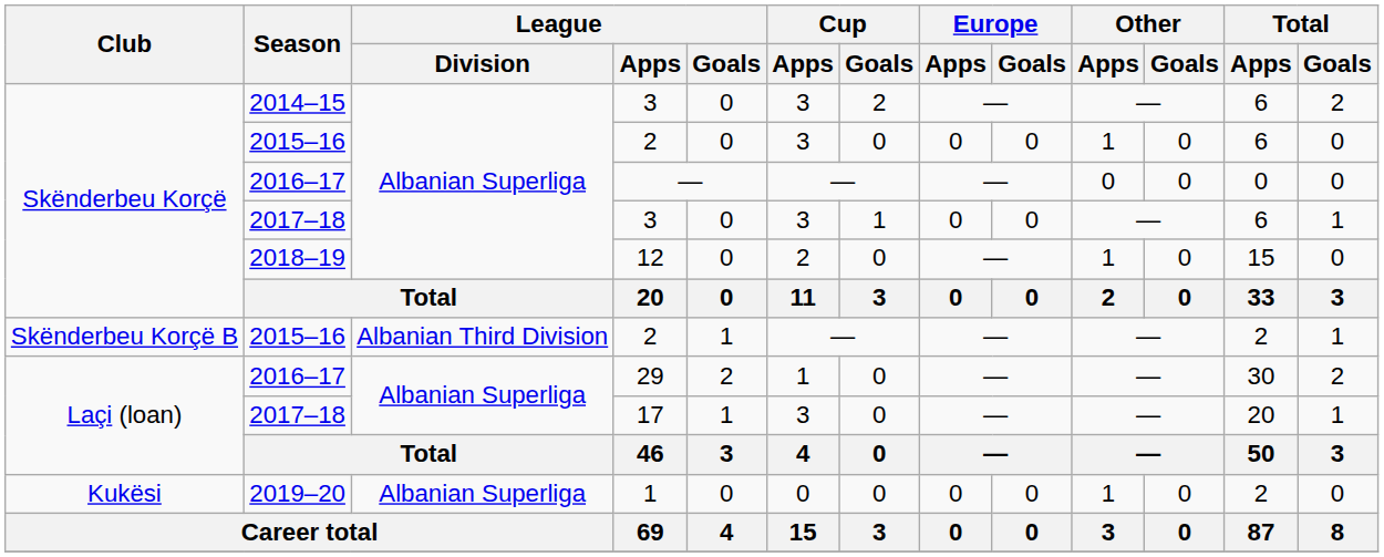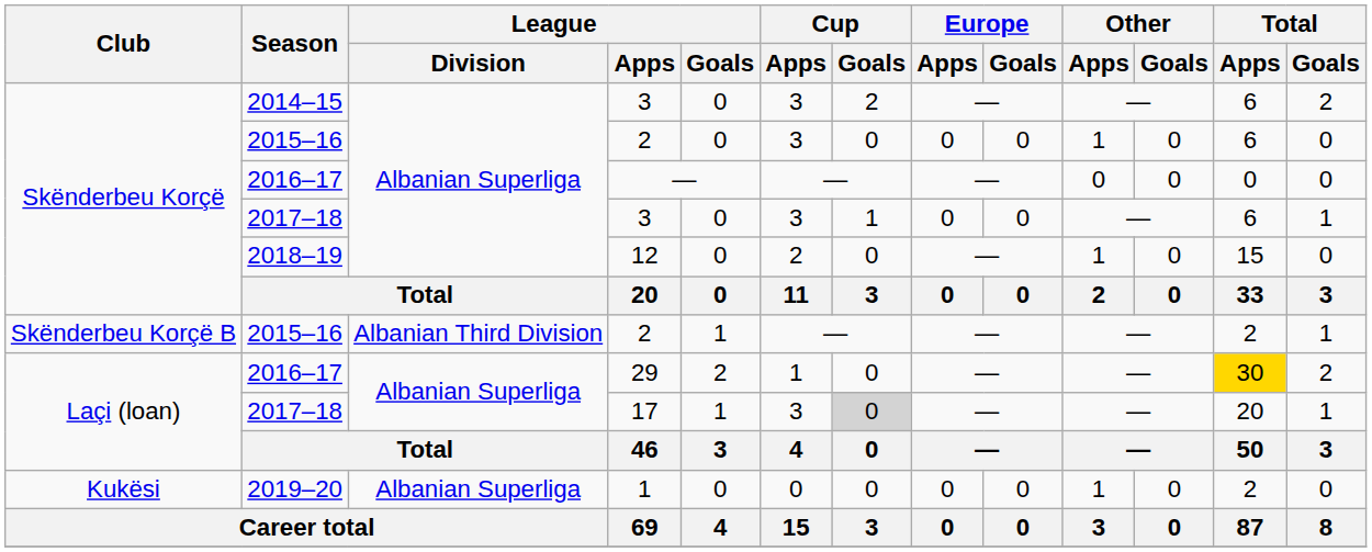 <table class="wikitable" style="text-align:center">
 <tr>
 <th rowspan="2">Club</th>
 <th rowspan="2">Season</th>
 <th colspan="3">League</th>
 <th colspan="2">Cup</th>
 <th colspan="2"><a href='#'>Europe</a></th>
 <th colspan="2">Other</th>
 <th colspan="2">Total</th>
 </tr>
 <tr>
 <th>Division</th>
 <th>Apps</th>
 <th>Goals</th>
 <th>Apps</th>
 <th>Goals</th>
 <th>Apps</th>
 <th>Goals</th>
 <th>Apps</th>
 <th>Goals</th>
 <th>Apps</th>
 <th>Goals</th>
 </tr>
 <tr>
 <td rowspan="6"><a href='#'>Skënderbeu Korçë</a></td>
 <td><a href='#'>2014–15</a></td>
 <td rowspan="5"><a href='#'>Albanian Superliga</a></td>
 <td>3</td>
 <td>0</td>
 <td>3</td>
 <td>2</td>
 <td colspan="2">—</td>
 <td colspan="2">—</td>
 <td>6</td>
 <td>2</td>
 </tr>
 <tr>
 <td><a href='#'>2015–16</a></td>
 <td>2</td>
 <td>0</td>
 <td>3</td>
 <td>0</td>
 <td>0</td>
 <td>0</td>
 <td>1</td>
 <td>0</td>
 <td>6</td>
 <td>0</td>
 </tr>
 <tr>
 <td><a href='#'>2016–17</a></td>
 <td colspan="2">—</td>
 <td colspan="2">—</td>
 <td colspan="2">—</td>
 <td>0</td>
 <td>0</td>
 <td>0</td>
 <td>0</td>
 </tr>
 <tr>
 <td><a href='#'>2017–18</a></td>
 <td>3</td>
 <td>0</td>
 <td>3</td>
 <td>1</td>
 <td>0</td>
 <td>0</td>
 <td colspan="2">—</td>
 <td>6</td>
 <td>1</td>
 </tr>
 <tr>
 <td><a href='#'>2018–19</a></td>
 <td>12</td>
 <td>0</td>
 <td>2</td>
 <td>0</td>
 <td colspan="2">—</td>
 <td>1</td>
 <td>0</td>
 <td>15</td>
 <td>0</td>
 </tr>
 <tr>
 <th colspan="2">Total</th>
 <th>20</th>
 <th>0</th>
 <th>11</th>
 <th>3</th>
 <th>0</th>
 <th>0</th>
 <th>2</th>
 <th>0</th>
 <th>33</th>
 <th>3</th>
 </tr>
 <tr>
 <td rowspan="1"><a href='#'>Skënderbeu Korçë B</a></td>
 <td><a href='#'>2015–16</a></td>
 <td rowspan="1"><a href='#'>Albanian Third Division</a></td>
 <td>2</td>
 <td>1</td>
 <td colspan="2">—</td>
 <td colspan="2">—</td>
 <td colspan="2">—</td>
 <td>2</td>
 <td>1</td>
 </tr>
 <tr>
 <td rowspan="3"><a href='#'>Laçi</a> (loan)</td>
 <td><a href='#'>2016–17</a></td>
 <td rowspan="2"><a href='#'>Albanian Superliga</a></td>
 <td>29</td>
 <td>2</td>
 <td>1</td>
 <td>0</td>
 <td colspan="2">—</td>
 <td colspan="2">—</td>
-<td>30</td>
+<td style="background: gold;">30</td>
 <td>2</td>
 </tr>
 <tr>
 <td><a href='#'>2017–18</a></td>
 <td>17</td>
 <td>1</td>
 <td>3</td>
-<td>0</td>
+<td style="background: lightgrey;">0</td>
 <td colspan="2">—</td>
 <td colspan="2">—</td>
 <td>20</td>
 <td>1</td>
 </tr>
 <tr>
 <th colspan="2">Total</th>
 <th>46</th>
 <th>3</th>
 <th>4</th>
 <th>0</th>
 <th colspan="2">—</th>
 <th colspan="2">—</th>
 <th>50</th>
 <th>3</th>
 </tr>
 <tr>
 <td rowspan="1"><a href='#'>Kukësi</a></td>
 <td><a href='#'>2019–20</a></td>
 <td rowspan="1"><a href='#'>Albanian Superliga</a></td>
 <td>1</td>
 <td>0</td>
 <td>0</td>
 <td>0</td>
 <td>0</td>
 <td>0</td>
 <td>1</td>
 <td>0</td>
 <td>2</td>
 <td>0</td>
 </tr>
 <tr>
 <th colspan="3">Career total</th>
 <th>69</th>
 <th>4</th>
 <th>15</th>
 <th>3</th>
 <th>0</th>
 <th>0</th>
 <th>3</th>
 <th>0</th>
 <th>87</th>
 <th>8</th>
 </tr>
 <tr>
 </tr>
 </table>
